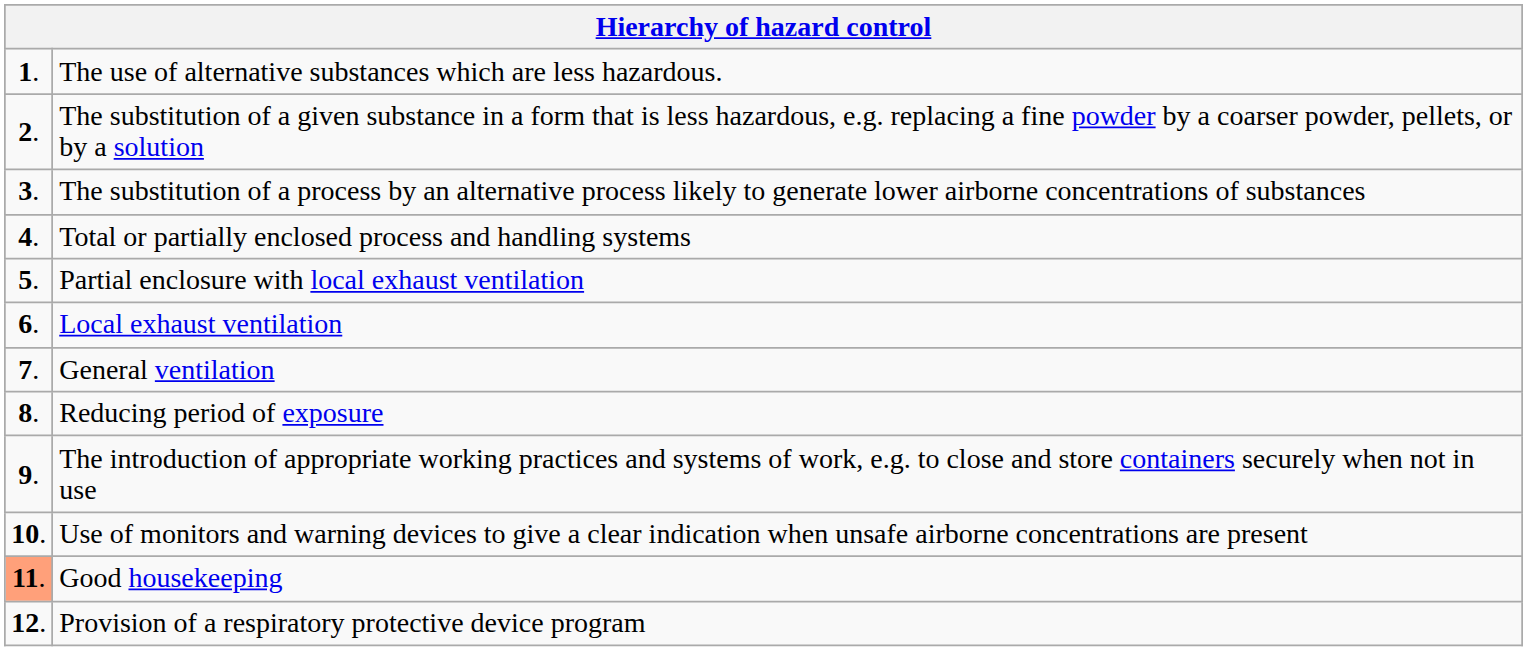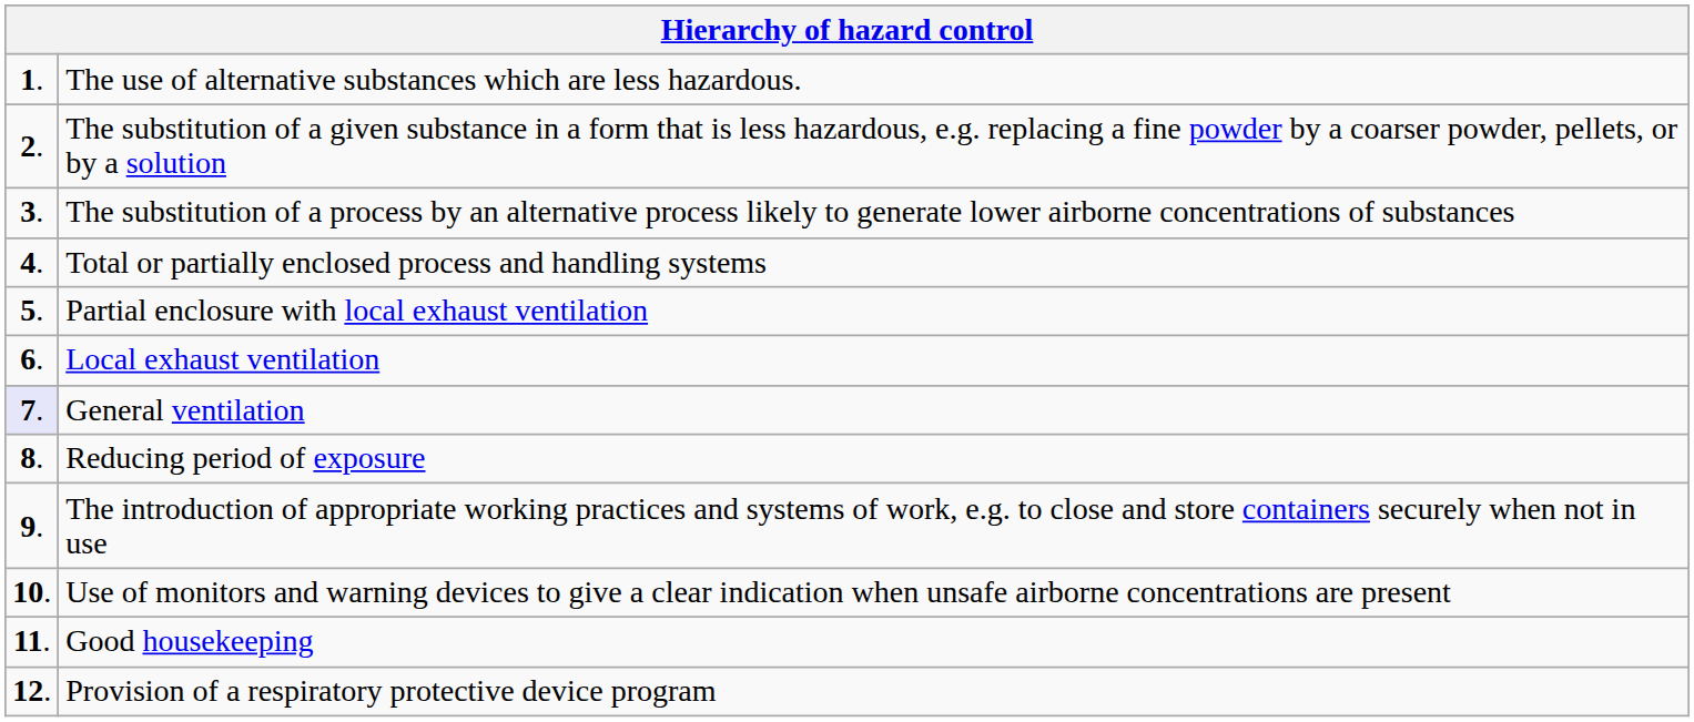 <table class="wikitable collapsible " style="text-align:center">
 <tr>
 <th colspan="2"><a href='#'>Hierarchy of hazard control</a></th>
 </tr>
 <tr>
 <td><strong>1</strong>.</td>
 <td style="text-align:left">The use of alternative substances which are less hazardous.</td>
 </tr>
 <tr>
 <td><strong>2</strong>.</td>
 <td style="text-align:left">The substitution of a given substance in a form that is less hazardous, e.g. replacing a fine <a href='#'>powder</a> by a coarser powder, pellets, or by a <a href='#'>solution</a></td>
 </tr>
 <tr>
 <td><strong>3</strong>.</td>
 <td style="text-align:left">The substitution of a process by an alternative process likely to generate lower airborne concentrations of substances</td>
 </tr>
 <tr>
 <td><strong>4</strong>.</td>
 <td style="text-align:left">Total or partially enclosed process and handling systems</td>
 </tr>
 <tr>
 <td><strong>5</strong>.</td>
 <td style="text-align:left">Partial enclosure with <a href='#'>local exhaust ventilation</a></td>
 </tr>
 <tr>
 <td><strong>6</strong>.</td>
 <td style="text-align:left"><a href='#'>Local exhaust ventilation</a></td>
 </tr>
 <tr>
-<td><strong>7</strong>.</td>
+<td style="background: lavender;"><strong>7</strong>.</td>
 <td style="text-align:left">General <a href='#'>ventilation</a></td>
 </tr>
 <tr>
 <td><strong>8</strong>.</td>
 <td style="text-align:left">Reducing period of <a href='#'>exposure</a></td>
 </tr>
 <tr>
 <td><strong>9</strong>.</td>
 <td style="text-align:left">The introduction of appropriate working practices and systems of work, e.g. to close and store <a href='#'>containers</a> securely when not in use</td>
 </tr>
 <tr>
 <td><strong>10</strong>.</td>
 <td style="text-align:left">Use of monitors and warning devices to give a clear indication when unsafe airborne concentrations are present</td>
 </tr>
 <tr>
-<td style="background: lightsalmon;"><strong>11</strong>.</td>
+<td><strong>11</strong>.</td>
 <td style="text-align:left">Good <a href='#'>housekeeping</a></td>
 </tr>
 <tr>
 <td><strong>12</strong>.</td>
 <td style="text-align:left">Provision of a respiratory protective device program</td>
 </tr>
 </table>
